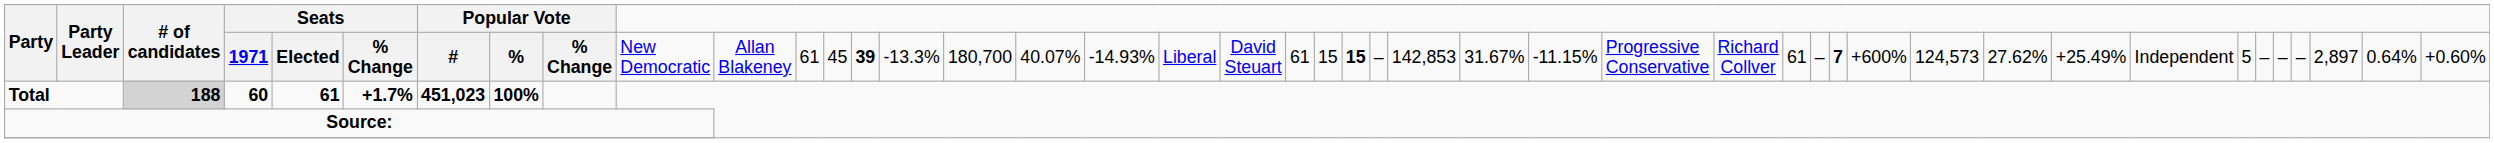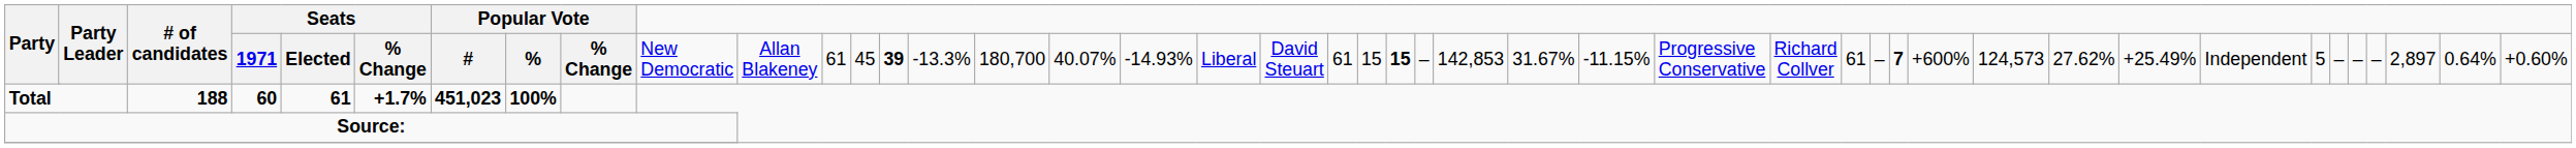 <table class="wikitable">
 <tr>
 <th rowspan=2 colspan=2>Party</th>
 <th rowspan=2>Party Leader</th>
 <th rowspan=2># of<br>candidates</th>
 <th colspan=3>Seats</th>
 <th colspan=3>Popular Vote</th>
 </tr>
 <tr>
 <th><a href='#'>1971</a></th>
 <th>Elected</th>
 <th>% Change</th>
 <th>#</th>
 <th>%</th>
 <th>% Change<br></th>
 <td><a href='#'>New Democratic</a></td>
 <td align="center"><a href='#'>Allan Blakeney</a></td>
 <td align="right">61</td>
 <td align="right">45</td>
 <td align="right"><strong>39</strong></td>
 <td align="right">-13.3%</td>
 <td align="right">180,700</td>
 <td align="right">40.07%</td>
 <td align="right">-14.93%<br></td>
 <td><a href='#'>Liberal</a></td>
 <td align="center"><a href='#'>David Steuart</a></td>
 <td align="right">61</td>
 <td align="right">15</td>
 <td align="right"><strong>15</strong></td>
 <td align="right">–</td>
 <td align="right">142,853</td>
 <td align="right">31.67%</td>
 <td align="right">-11.15%<br></td>
 <td><a href='#'>Progressive Conservative</a></td>
 <td align="center"><a href='#'>Richard Collver</a></td>
 <td align="right">61</td>
 <td align="right">–</td>
 <td align="right"><strong>7</strong></td>
 <td align="right">+600%</td>
 <td align="right">124,573</td>
 <td align="right">27.62%</td>
 <td align="right">+25.49%<br></td>
 <td colspan=2>Independent</td>
 <td align="right">5</td>
 <td align="right">–</td>
 <td align="right">–</td>
 <td align="right">–</td>
 <td align="right">2,897</td>
 <td align="right">0.64%</td>
 <td align="right">+0.60%</td>
 </tr>
 <tr>
 <td colspan=3><strong>Total</strong></td>
-<td align="right" style="background: lightgrey;"><strong>188</strong></td>
+<td align="right"><strong>188</strong></td>
 <td align="right"><strong>60</strong></td>
 <td align="right"><strong>61</strong></td>
 <td align="right"><strong>+1.7%</strong></td>
 <td align="right"><strong>451,023</strong></td>
 <td align="right"><strong>100%</strong></td>
 <td align="right"> </td>
 </tr>
 <tr>
 <td align="center" colspan=11><strong>Source:</strong> </td>
 </tr>
 <tr>
 </tr>
 </table>
